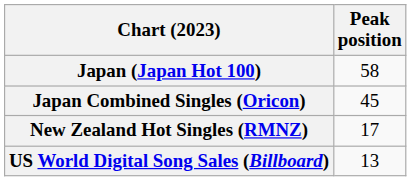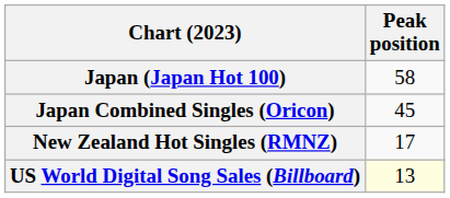 <table class="wikitable sortable plainrowheaders" style="text-align:center">
 <tr>
 <th scope="col">Chart (2023)</th>
 <th scope="col">Peak<br>position</th>
 </tr>
 <tr>
 <th scope="row">Japan (<a href='#'>Japan Hot 100</a>)</th>
 <td>58</td>
 </tr>
 <tr>
 <th scope="row">Japan Combined Singles (<a href='#'>Oricon</a>)</th>
 <td>45</td>
 </tr>
 <tr>
 <th scope="row">New Zealand Hot Singles (<a href='#'>RMNZ</a>)</th>
 <td>17</td>
 </tr>
 <tr>
 <th ! scope="row">US <a href='#'>World Digital Song Sales</a> (<em><a href='#'>Billboard</a></em>)</th>
-<td>13</td>
+<td style="background: lightyellow;">13</td>
 </tr>
 </table>
